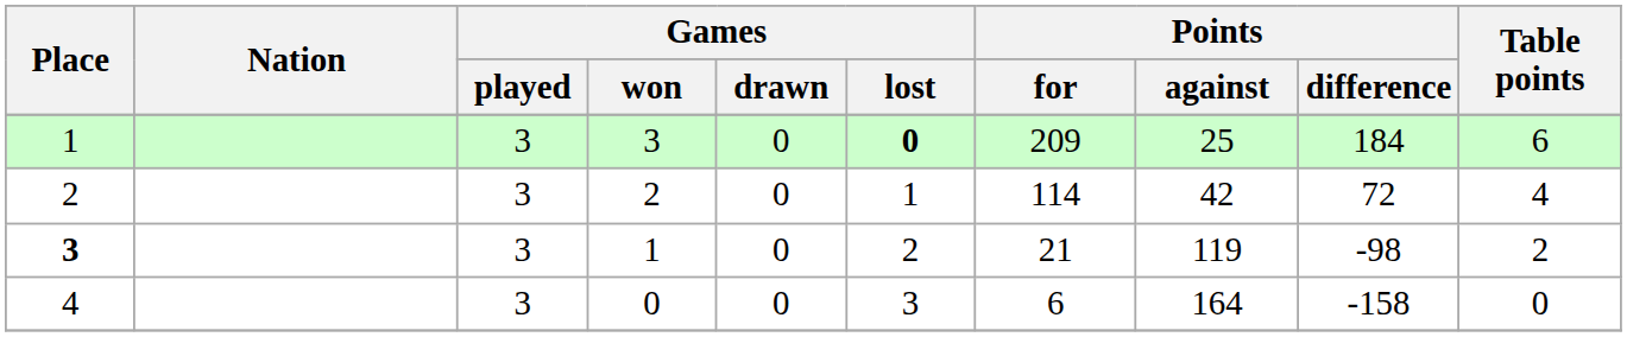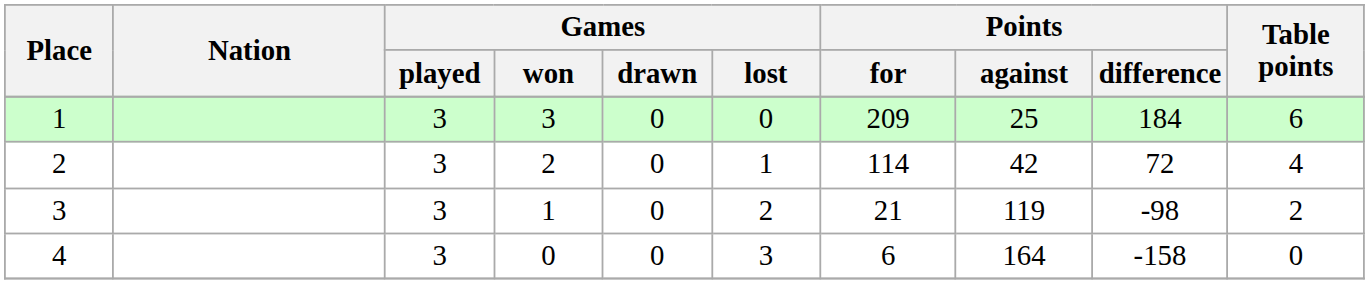 <table class="wikitable">
 <tr>
 <th rowspan=2 width="8%">Place</th>
 <th rowspan=2 width="20%">Nation</th>
 <th colspan=4 width="32%">Games</th>
 <th colspan=3 width="30%">Points</th>
 <th rowspan=2 width="10%">Table<br>points</th>
 </tr>
 <tr>
 <th width="8%">played</th>
 <th width="8%">won</th>
 <th width="8%">drawn</th>
 <th width="8%">lost</th>
 <th width="10%">for</th>
 <th width="10%">against</th>
 <th width="10%">difference</th>
 </tr>
 <tr>
 </tr>
 <tr bgcolor=#ccffcc align=center>
 <td>1</td>
 <td align=left><strong></strong></td>
 <td>3</td>
 <td>3</td>
 <td>0</td>
-<td><strong>0</strong></td>
+<td>0</td>
 <td>209</td>
 <td>25</td>
 <td>184</td>
 <td>6</td>
 </tr>
 <tr bgcolor=#ffffff align=center>
 <td>2</td>
 <td align=left></td>
 <td>3</td>
 <td>2</td>
 <td>0</td>
 <td>1</td>
 <td>114</td>
 <td>42</td>
 <td>72</td>
 <td>4</td>
 </tr>
 <tr bgcolor=#ffffff align=center>
-<td><strong>3</strong></td>
+<td>3</td>
 <td align=left></td>
 <td>3</td>
 <td>1</td>
 <td>0</td>
 <td>2</td>
 <td>21</td>
 <td>119</td>
 <td>-98</td>
 <td>2</td>
 </tr>
 <tr bgcolor=#ffffff align=center>
 <td>4</td>
 <td align=left></td>
 <td>3</td>
 <td>0</td>
 <td>0</td>
 <td>3</td>
 <td>6</td>
 <td>164</td>
 <td>-158</td>
 <td>0</td>
 </tr>
 <tr bgcolor=#ffcccc align=center>
 </tr>
 </table>
